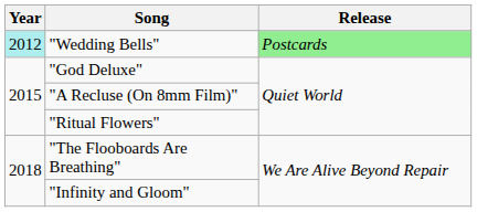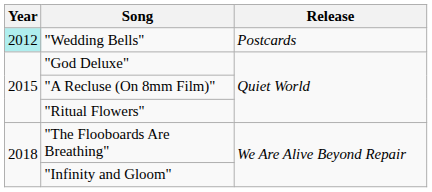 <table class="wikitable">
 <tr>
 <th rowspan="1">Year</th>
 <th width="200" rowspan="1">Song</th>
 <th width="200" rowspan="1">Release</th>
 </tr>
 <tr>
 <td style="background: paleturquoise;">2012</td>
 <td>"Wedding Bells"</td>
-<td style="background: lightgreen;"><em>Postcards</em></td>
+<td><em>Postcards</em></td>
 </tr>
 <tr>
 <td rowspan="3">2015</td>
 <td>"God Deluxe"</td>
 <td rowspan="3"><em>Quiet World</em></td>
 </tr>
 <tr>
 <td>"A Recluse (On 8mm Film)"</td>
 </tr>
 <tr>
 <td>"Ritual Flowers"</td>
 </tr>
 <tr>
 <td rowspan="2">2018</td>
 <td>"The Flooboards Are Breathing"</td>
 <td rowspan="2"><em>We Are Alive Beyond Repair</em></td>
 </tr>
 <tr>
 <td>"Infinity and Gloom"</td>
 </tr>
 </table>
